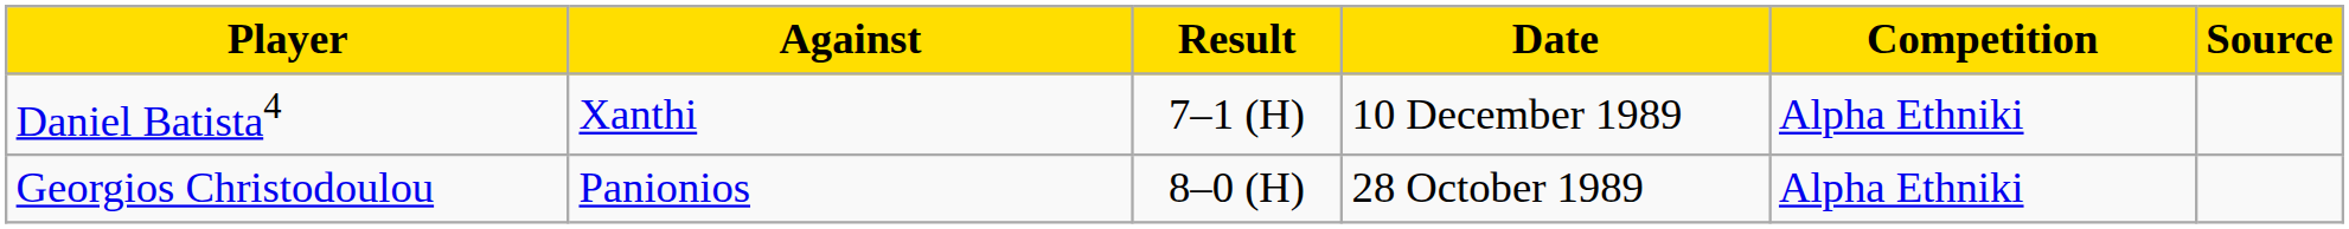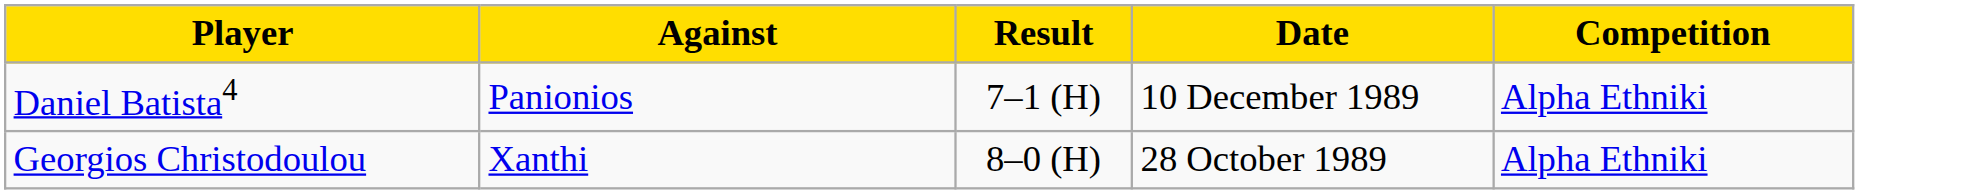 <table class="wikitable">
 <tr>
 <th width=200 style="background:#FFDE00">Player</th>
 <th width=200 style="background:#FFDE00">Against</th>
 <th width=70 style="background:#FFDE00">Result</th>
 <th width=150 style="background:#FFDE00">Date</th>
 <th width=150 style="background:#FFDE00">Competition</th>
-<th style="background:#FFDE00">Source</th>
 </tr>
 <tr>
 <td> <a href='#'>Daniel Batista</a><sup>4</sup></td>
-<td> <a href='#'>Xanthi</a></td>
+<td> <a href='#'>Panionios</a></td>
 <td align=center>7–1 (H)</td>
 <td>10 December 1989</td>
 <td><a href='#'>Alpha Ethniki</a></td>
-<td align=center></td>
 </tr>
 <tr>
 <td> <a href='#'>Georgios Christodoulou</a></td>
-<td> <a href='#'>Panionios</a></td>
+<td> <a href='#'>Xanthi</a></td>
 <td align=center>8–0 (H)</td>
 <td>28 October 1989</td>
 <td><a href='#'>Alpha Ethniki</a></td>
-<td align=center></td>
 </tr>
 </table>
